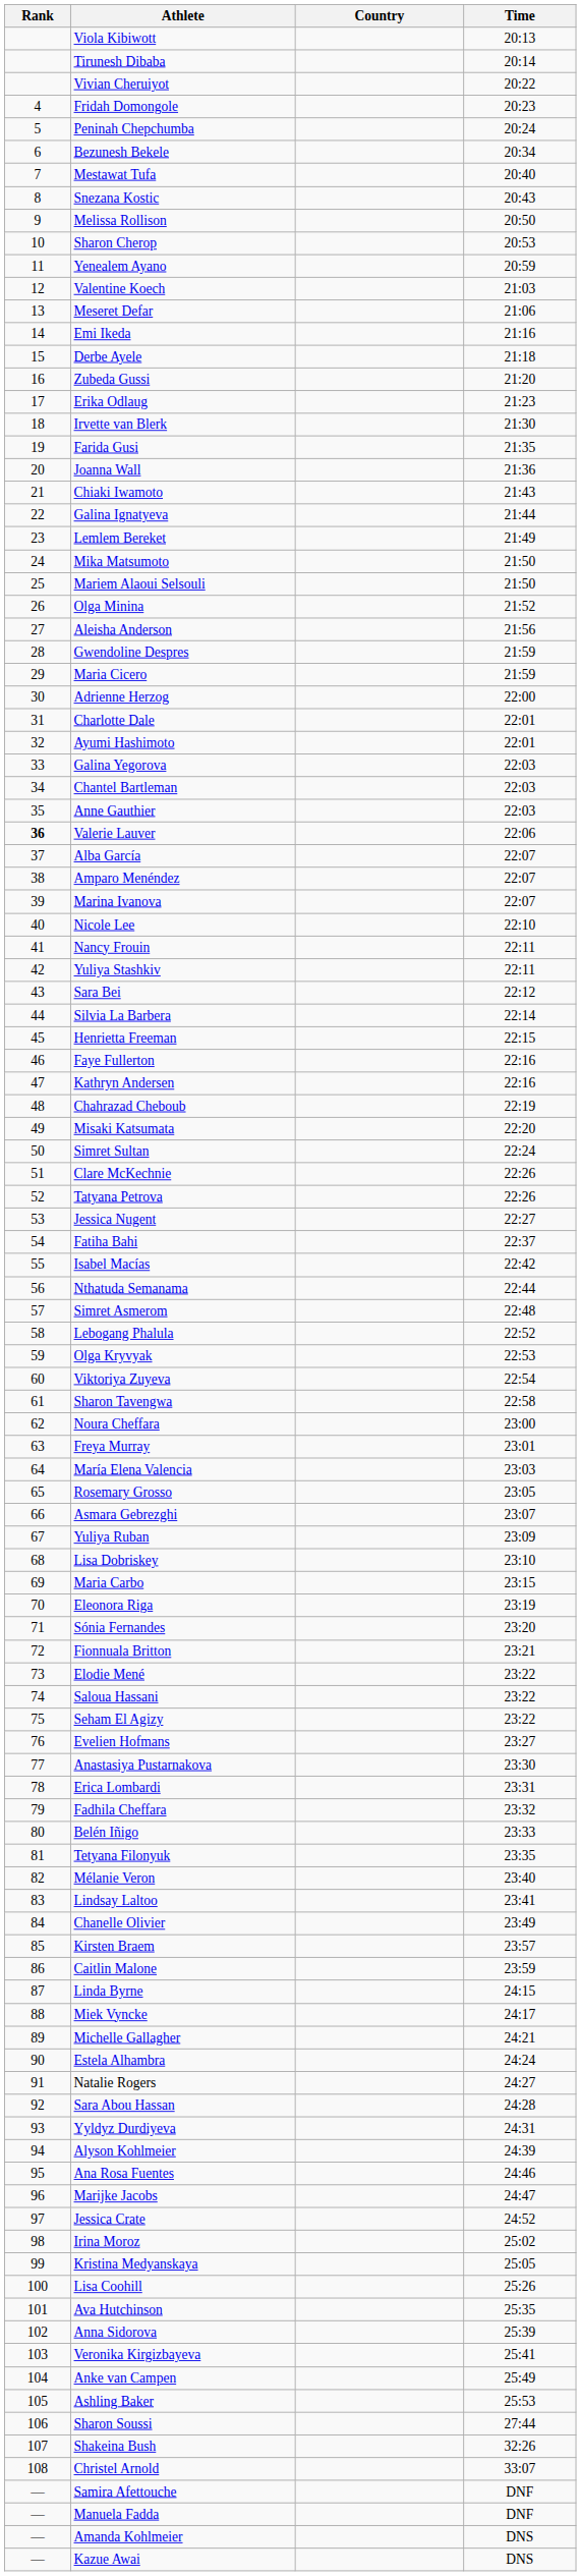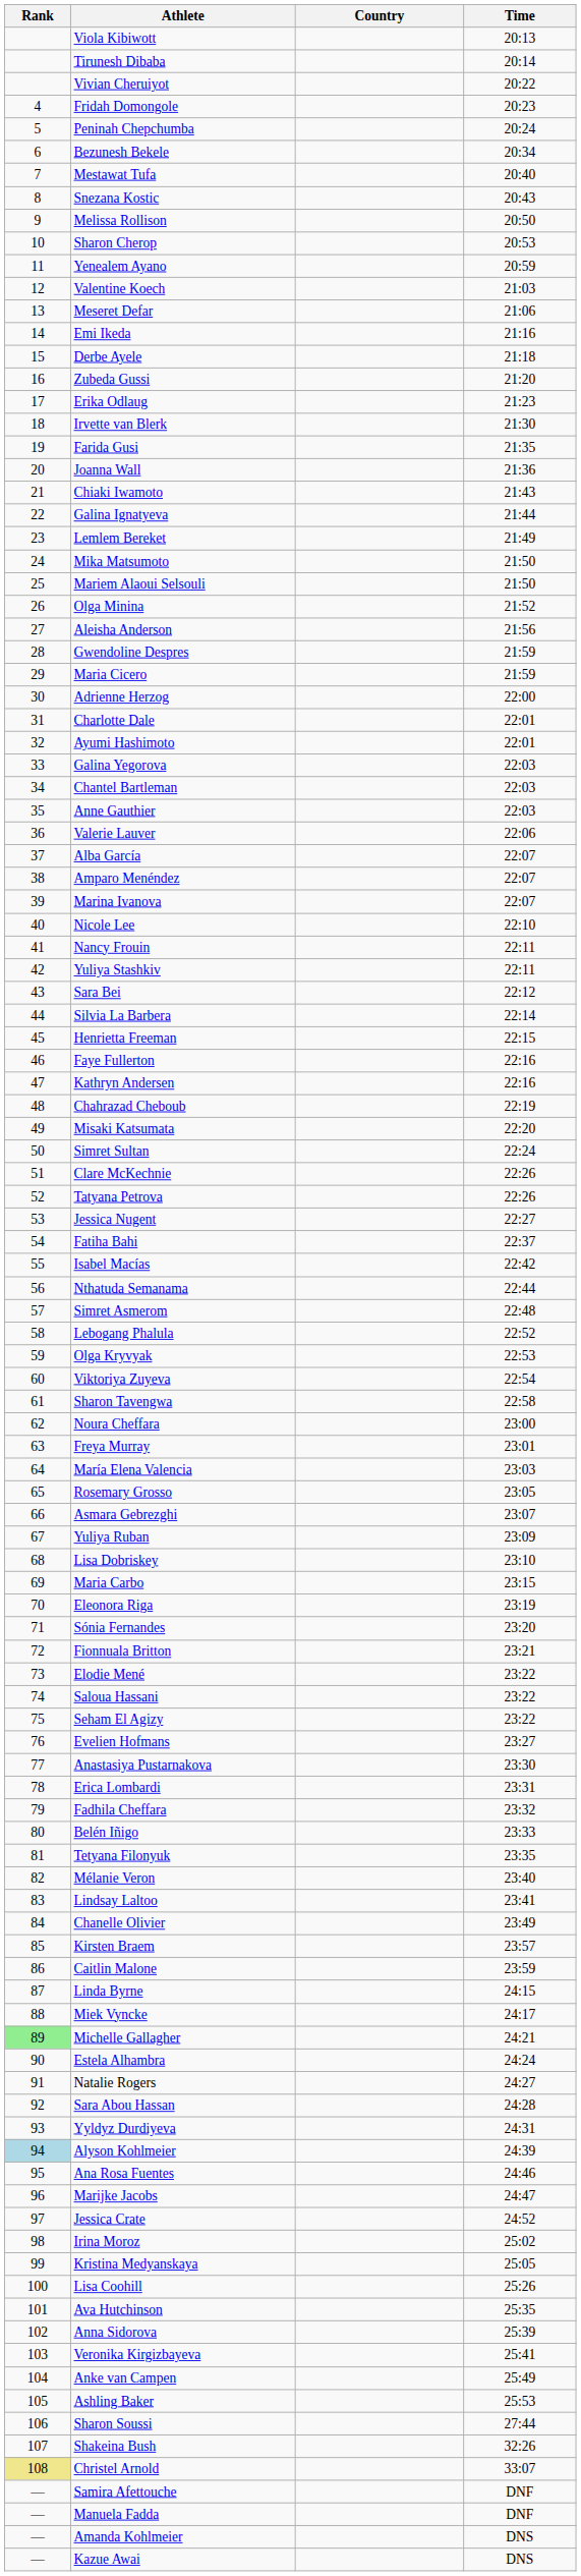 <table class="wikitable sortable" style=" text-align:center; font-size:95%;" width="50%">
 <tr>
 <th width=5%>Rank</th>
 <th width=20%>Athlete</th>
 <th width=15%>Country</th>
 <th width=10%>Time</th>
 </tr>
 <tr>
 <td align=center></td>
 <td align=left><a href='#'>Viola Kibiwott</a></td>
 <td align=left></td>
 <td>20:13</td>
 </tr>
 <tr>
 <td align=center></td>
 <td align=left><a href='#'>Tirunesh Dibaba</a></td>
 <td align=left></td>
 <td>20:14</td>
 </tr>
 <tr>
 <td align=center></td>
 <td align=left><a href='#'>Vivian Cheruiyot</a></td>
 <td align=left></td>
 <td>20:22</td>
 </tr>
 <tr>
 <td align=center>4</td>
 <td align=left><a href='#'>Fridah Domongole</a></td>
 <td align=left></td>
 <td>20:23</td>
 </tr>
 <tr>
 <td align=center>5</td>
 <td align=left><a href='#'>Peninah Chepchumba</a></td>
 <td align=left></td>
 <td>20:24</td>
 </tr>
 <tr>
 <td align=center>6</td>
 <td align=left><a href='#'>Bezunesh Bekele</a></td>
 <td align=left></td>
 <td>20:34</td>
 </tr>
 <tr>
 <td align=center>7</td>
 <td align=left><a href='#'>Mestawat Tufa</a></td>
 <td align=left></td>
 <td>20:40</td>
 </tr>
 <tr>
 <td align=center>8</td>
 <td align=left><a href='#'>Snezana Kostic</a></td>
 <td align=left></td>
 <td>20:43</td>
 </tr>
 <tr>
 <td align=center>9</td>
 <td align=left><a href='#'>Melissa Rollison</a></td>
 <td align=left></td>
 <td>20:50</td>
 </tr>
 <tr>
 <td align=center>10</td>
 <td align=left><a href='#'>Sharon Cherop</a></td>
 <td align=left></td>
 <td>20:53</td>
 </tr>
 <tr>
 <td align=center>11</td>
 <td align=left><a href='#'>Yenealem Ayano</a></td>
 <td align=left></td>
 <td>20:59</td>
 </tr>
 <tr>
 <td align=center>12</td>
 <td align=left><a href='#'>Valentine Koech</a></td>
 <td align=left></td>
 <td>21:03</td>
 </tr>
 <tr>
 <td align=center>13</td>
 <td align=left><a href='#'>Meseret Defar</a></td>
 <td align=left></td>
 <td>21:06</td>
 </tr>
 <tr>
 <td align=center>14</td>
 <td align=left><a href='#'>Emi Ikeda</a></td>
 <td align=left></td>
 <td>21:16</td>
 </tr>
 <tr>
 <td align=center>15</td>
 <td align=left><a href='#'>Derbe Ayele</a></td>
 <td align=left></td>
 <td>21:18</td>
 </tr>
 <tr>
 <td align=center>16</td>
 <td align=left><a href='#'>Zubeda Gussi</a></td>
 <td align=left></td>
 <td>21:20</td>
 </tr>
 <tr>
 <td align=center>17</td>
 <td align=left><a href='#'>Erika Odlaug</a></td>
 <td align=left></td>
 <td>21:23</td>
 </tr>
 <tr>
 <td align=center>18</td>
 <td align=left><a href='#'>Irvette van Blerk</a></td>
 <td align=left></td>
 <td>21:30</td>
 </tr>
 <tr>
 <td align=center>19</td>
 <td align=left><a href='#'>Farida Gusi</a></td>
 <td align=left></td>
 <td>21:35</td>
 </tr>
 <tr>
 <td align=center>20</td>
 <td align=left><a href='#'>Joanna Wall</a></td>
 <td align=left></td>
 <td>21:36</td>
 </tr>
 <tr>
 <td align=center>21</td>
 <td align=left><a href='#'>Chiaki Iwamoto</a></td>
 <td align=left></td>
 <td>21:43</td>
 </tr>
 <tr>
 <td align=center>22</td>
 <td align=left><a href='#'>Galina Ignatyeva</a></td>
 <td align=left></td>
 <td>21:44</td>
 </tr>
 <tr>
 <td align=center>23</td>
 <td align=left><a href='#'>Lemlem Bereket</a></td>
 <td align=left></td>
 <td>21:49</td>
 </tr>
 <tr>
 <td align=center>24</td>
 <td align=left><a href='#'>Mika Matsumoto</a></td>
 <td align=left></td>
 <td>21:50</td>
 </tr>
 <tr>
 <td align=center>25</td>
 <td align=left><a href='#'>Mariem Alaoui Selsouli</a></td>
 <td align=left></td>
 <td>21:50</td>
 </tr>
 <tr>
 <td align=center>26</td>
 <td align=left><a href='#'>Olga Minina</a></td>
 <td align=left></td>
 <td>21:52</td>
 </tr>
 <tr>
 <td align=center>27</td>
 <td align=left><a href='#'>Aleisha Anderson</a></td>
 <td align=left></td>
 <td>21:56</td>
 </tr>
 <tr>
 <td align=center>28</td>
 <td align=left><a href='#'>Gwendoline Despres</a></td>
 <td align=left></td>
 <td>21:59</td>
 </tr>
 <tr>
 <td align=center>29</td>
 <td align=left><a href='#'>Maria Cicero</a></td>
 <td align=left></td>
 <td>21:59</td>
 </tr>
 <tr>
 <td align=center>30</td>
 <td align=left><a href='#'>Adrienne Herzog</a></td>
 <td align=left></td>
 <td>22:00</td>
 </tr>
 <tr>
 <td align=center>31</td>
 <td align=left><a href='#'>Charlotte Dale</a></td>
 <td align=left></td>
 <td>22:01</td>
 </tr>
 <tr>
 <td align=center>32</td>
 <td align=left><a href='#'>Ayumi Hashimoto</a></td>
 <td align=left></td>
 <td>22:01</td>
 </tr>
 <tr>
 <td align=center>33</td>
 <td align=left><a href='#'>Galina Yegorova</a></td>
 <td align=left></td>
 <td>22:03</td>
 </tr>
 <tr>
 <td align=center>34</td>
 <td align=left><a href='#'>Chantel Bartleman</a></td>
 <td align=left></td>
 <td>22:03</td>
 </tr>
 <tr>
 <td align=center>35</td>
 <td align=left><a href='#'>Anne Gauthier</a></td>
 <td align=left></td>
 <td>22:03</td>
 </tr>
 <tr>
-<td align=center><strong>36</strong></td>
+<td align=center>36</td>
 <td align=left><a href='#'>Valerie Lauver</a></td>
 <td align=left></td>
 <td>22:06</td>
 </tr>
 <tr>
 <td align=center>37</td>
 <td align=left><a href='#'>Alba García</a></td>
 <td align=left></td>
 <td>22:07</td>
 </tr>
 <tr>
 <td align=center>38</td>
 <td align=left><a href='#'>Amparo Menéndez</a></td>
 <td align=left></td>
 <td>22:07</td>
 </tr>
 <tr>
 <td align=center>39</td>
 <td align=left><a href='#'>Marina Ivanova</a></td>
 <td align=left></td>
 <td>22:07</td>
 </tr>
 <tr>
 <td align=center>40</td>
 <td align=left><a href='#'>Nicole Lee</a></td>
 <td align=left></td>
 <td>22:10</td>
 </tr>
 <tr>
 <td align=center>41</td>
 <td align=left><a href='#'>Nancy Frouin</a></td>
 <td align=left></td>
 <td>22:11</td>
 </tr>
 <tr>
 <td align=center>42</td>
 <td align=left><a href='#'>Yuliya Stashkiv</a></td>
 <td align=left></td>
 <td>22:11</td>
 </tr>
 <tr>
 <td align=center>43</td>
 <td align=left><a href='#'>Sara Bei</a></td>
 <td align=left></td>
 <td>22:12</td>
 </tr>
 <tr>
 <td align=center>44</td>
 <td align=left><a href='#'>Silvia La Barbera</a></td>
 <td align=left></td>
 <td>22:14</td>
 </tr>
 <tr>
 <td align=center>45</td>
 <td align=left><a href='#'>Henrietta Freeman</a></td>
 <td align=left></td>
 <td>22:15</td>
 </tr>
 <tr>
 <td align=center>46</td>
 <td align=left><a href='#'>Faye Fullerton</a></td>
 <td align=left></td>
 <td>22:16</td>
 </tr>
 <tr>
 <td align=center>47</td>
 <td align=left><a href='#'>Kathryn Andersen</a></td>
 <td align=left></td>
 <td>22:16</td>
 </tr>
 <tr>
 <td align=center>48</td>
 <td align=left><a href='#'>Chahrazad Cheboub</a></td>
 <td align=left></td>
 <td>22:19</td>
 </tr>
 <tr>
 <td align=center>49</td>
 <td align=left><a href='#'>Misaki Katsumata</a></td>
 <td align=left></td>
 <td>22:20</td>
 </tr>
 <tr>
 <td align=center>50</td>
 <td align=left><a href='#'>Simret Sultan</a></td>
 <td align=left></td>
 <td>22:24</td>
 </tr>
 <tr>
 <td align=center>51</td>
 <td align=left><a href='#'>Clare McKechnie</a></td>
 <td align=left></td>
 <td>22:26</td>
 </tr>
 <tr>
 <td align=center>52</td>
 <td align=left><a href='#'>Tatyana Petrova</a></td>
 <td align=left></td>
 <td>22:26</td>
 </tr>
 <tr>
 <td align=center>53</td>
 <td align=left><a href='#'>Jessica Nugent</a></td>
 <td align=left></td>
 <td>22:27</td>
 </tr>
 <tr>
 <td align=center>54</td>
 <td align=left><a href='#'>Fatiha Bahi</a></td>
 <td align=left></td>
 <td>22:37</td>
 </tr>
 <tr>
 <td align=center>55</td>
 <td align=left><a href='#'>Isabel Macías</a></td>
 <td align=left></td>
 <td>22:42</td>
 </tr>
 <tr>
 <td align=center>56</td>
 <td align=left><a href='#'>Nthatuda Semanama</a></td>
 <td align=left></td>
 <td>22:44</td>
 </tr>
 <tr>
 <td align=center>57</td>
 <td align=left><a href='#'>Simret Asmerom</a></td>
 <td align=left></td>
 <td>22:48</td>
 </tr>
 <tr>
 <td align=center>58</td>
 <td align=left><a href='#'>Lebogang Phalula</a></td>
 <td align=left></td>
 <td>22:52</td>
 </tr>
 <tr>
 <td align=center>59</td>
 <td align=left><a href='#'>Olga Kryvyak</a></td>
 <td align=left></td>
 <td>22:53</td>
 </tr>
 <tr>
 <td align=center>60</td>
 <td align=left><a href='#'>Viktoriya Zuyeva</a></td>
 <td align=left></td>
 <td>22:54</td>
 </tr>
 <tr>
 <td align=center>61</td>
 <td align=left><a href='#'>Sharon Tavengwa</a></td>
 <td align=left></td>
 <td>22:58</td>
 </tr>
 <tr>
 <td align=center>62</td>
 <td align=left><a href='#'>Noura Cheffara</a></td>
 <td align=left></td>
 <td>23:00</td>
 </tr>
 <tr>
 <td align=center>63</td>
 <td align=left><a href='#'>Freya Murray</a></td>
 <td align=left></td>
 <td>23:01</td>
 </tr>
 <tr>
 <td align=center>64</td>
 <td align=left><a href='#'>María Elena Valencia</a></td>
 <td align=left></td>
 <td>23:03</td>
 </tr>
 <tr>
 <td align=center>65</td>
 <td align=left><a href='#'>Rosemary Grosso</a></td>
 <td align=left></td>
 <td>23:05</td>
 </tr>
 <tr>
 <td align=center>66</td>
 <td align=left><a href='#'>Asmara Gebrezghi</a></td>
 <td align=left></td>
 <td>23:07</td>
 </tr>
 <tr>
 <td align=center>67</td>
 <td align=left><a href='#'>Yuliya Ruban</a></td>
 <td align=left></td>
 <td>23:09</td>
 </tr>
 <tr>
 <td align=center>68</td>
 <td align=left><a href='#'>Lisa Dobriskey</a></td>
 <td align=left></td>
 <td>23:10</td>
 </tr>
 <tr>
 <td align=center>69</td>
 <td align=left><a href='#'>Maria Carbo</a></td>
 <td align=left></td>
 <td>23:15</td>
 </tr>
 <tr>
 <td align=center>70</td>
 <td align=left><a href='#'>Eleonora Riga</a></td>
 <td align=left></td>
 <td>23:19</td>
 </tr>
 <tr>
 <td align=center>71</td>
 <td align=left><a href='#'>Sónia Fernandes</a></td>
 <td align=left></td>
 <td>23:20</td>
 </tr>
 <tr>
 <td align=center>72</td>
 <td align=left><a href='#'>Fionnuala Britton</a></td>
 <td align=left></td>
 <td>23:21</td>
 </tr>
 <tr>
 <td align=center>73</td>
 <td align=left><a href='#'>Elodie Mené</a></td>
 <td align=left></td>
 <td>23:22</td>
 </tr>
 <tr>
 <td align=center>74</td>
 <td align=left><a href='#'>Saloua Hassani</a></td>
 <td align=left></td>
 <td>23:22</td>
 </tr>
 <tr>
 <td align=center>75</td>
 <td align=left><a href='#'>Seham El Agizy</a></td>
 <td align=left></td>
 <td>23:22</td>
 </tr>
 <tr>
 <td align=center>76</td>
 <td align=left><a href='#'>Evelien Hofmans</a></td>
 <td align=left></td>
 <td>23:27</td>
 </tr>
 <tr>
 <td align=center>77</td>
 <td align=left><a href='#'>Anastasiya Pustarnakova</a></td>
 <td align=left></td>
 <td>23:30</td>
 </tr>
 <tr>
 <td align=center>78</td>
 <td align=left><a href='#'>Erica Lombardi</a></td>
 <td align=left></td>
 <td>23:31</td>
 </tr>
 <tr>
 <td align=center>79</td>
 <td align=left><a href='#'>Fadhila Cheffara</a></td>
 <td align=left></td>
 <td>23:32</td>
 </tr>
 <tr>
 <td align=center>80</td>
 <td align=left><a href='#'>Belén Iñigo</a></td>
 <td align=left></td>
 <td>23:33</td>
 </tr>
 <tr>
 <td align=center>81</td>
 <td align=left><a href='#'>Tetyana Filonyuk</a></td>
 <td align=left></td>
 <td>23:35</td>
 </tr>
 <tr>
 <td align=center>82</td>
 <td align=left><a href='#'>Mélanie Veron</a></td>
 <td align=left></td>
 <td>23:40</td>
 </tr>
 <tr>
 <td align=center>83</td>
 <td align=left><a href='#'>Lindsay Laltoo</a></td>
 <td align=left></td>
 <td>23:41</td>
 </tr>
 <tr>
 <td align=center>84</td>
 <td align=left><a href='#'>Chanelle Olivier</a></td>
 <td align=left></td>
 <td>23:49</td>
 </tr>
 <tr>
 <td align=center>85</td>
 <td align=left><a href='#'>Kirsten Braem</a></td>
 <td align=left></td>
 <td>23:57</td>
 </tr>
 <tr>
 <td align=center>86</td>
 <td align=left><a href='#'>Caitlin Malone</a></td>
 <td align=left></td>
 <td>23:59</td>
 </tr>
 <tr>
 <td align=center>87</td>
 <td align=left><a href='#'>Linda Byrne</a></td>
 <td align=left></td>
 <td>24:15</td>
 </tr>
 <tr>
 <td align=center>88</td>
 <td align=left><a href='#'>Miek Vyncke</a></td>
 <td align=left></td>
 <td>24:17</td>
 </tr>
 <tr>
-<td align=center>89</td>
+<td align=center style="background: lightgreen;">89</td>
 <td align=left><a href='#'>Michelle Gallagher</a></td>
 <td align=left></td>
 <td>24:21</td>
 </tr>
 <tr>
 <td align=center>90</td>
 <td align=left><a href='#'>Estela Alhambra</a></td>
 <td align=left></td>
 <td>24:24</td>
 </tr>
 <tr>
 <td align=center>91</td>
 <td align=left>Natalie Rogers</td>
 <td align=left></td>
 <td>24:27</td>
 </tr>
 <tr>
 <td align=center>92</td>
 <td align=left><a href='#'>Sara Abou Hassan</a></td>
 <td align=left></td>
 <td>24:28</td>
 </tr>
 <tr>
 <td align=center>93</td>
 <td align=left><a href='#'>Yyldyz Durdiyeva</a></td>
 <td align=left></td>
 <td>24:31</td>
 </tr>
 <tr>
-<td align=center>94</td>
+<td align=center style="background: lightblue;">94</td>
 <td align=left><a href='#'>Alyson Kohlmeier</a></td>
 <td align=left></td>
 <td>24:39</td>
 </tr>
 <tr>
 <td align=center>95</td>
 <td align=left><a href='#'>Ana Rosa Fuentes</a></td>
 <td align=left></td>
 <td>24:46</td>
 </tr>
 <tr>
 <td align=center>96</td>
 <td align=left><a href='#'>Marijke Jacobs</a></td>
 <td align=left></td>
 <td>24:47</td>
 </tr>
 <tr>
 <td align=center>97</td>
 <td align=left><a href='#'>Jessica Crate</a></td>
 <td align=left></td>
 <td>24:52</td>
 </tr>
 <tr>
 <td align=center>98</td>
 <td align=left><a href='#'>Irina Moroz</a></td>
 <td align=left></td>
 <td>25:02</td>
 </tr>
 <tr>
 <td align=center>99</td>
 <td align=left><a href='#'>Kristina Medyanskaya</a></td>
 <td align=left></td>
 <td>25:05</td>
 </tr>
 <tr>
 <td align=center>100</td>
 <td align=left><a href='#'>Lisa Coohill</a></td>
 <td align=left></td>
 <td>25:26</td>
 </tr>
 <tr>
 <td align=center>101</td>
 <td align=left><a href='#'>Ava Hutchinson</a></td>
 <td align=left></td>
 <td>25:35</td>
 </tr>
 <tr>
 <td align=center>102</td>
 <td align=left><a href='#'>Anna Sidorova</a></td>
 <td align=left></td>
 <td>25:39</td>
 </tr>
 <tr>
 <td align=center>103</td>
 <td align=left><a href='#'>Veronika Kirgizbayeva</a></td>
 <td align=left></td>
 <td>25:41</td>
 </tr>
 <tr>
 <td align=center>104</td>
 <td align=left><a href='#'>Anke van Campen</a></td>
 <td align=left></td>
 <td>25:49</td>
 </tr>
 <tr>
 <td align=center>105</td>
 <td align=left><a href='#'>Ashling Baker</a></td>
 <td align=left></td>
 <td>25:53</td>
 </tr>
 <tr>
 <td align=center>106</td>
 <td align=left><a href='#'>Sharon Soussi</a></td>
 <td align=left></td>
 <td>27:44</td>
 </tr>
 <tr>
 <td align=center>107</td>
 <td align=left><a href='#'>Shakeina Bush</a></td>
 <td align=left></td>
 <td>32:26</td>
 </tr>
 <tr>
-<td align=center>108</td>
+<td align=center style="background: khaki;">108</td>
 <td align=left><a href='#'>Christel Arnold</a></td>
 <td align=left></td>
 <td>33:07</td>
 </tr>
 <tr>
 <td align=center>—</td>
 <td align=left><a href='#'>Samira Afettouche</a></td>
 <td align=left></td>
 <td>DNF</td>
 </tr>
 <tr>
 <td align=center>—</td>
 <td align=left><a href='#'>Manuela Fadda</a></td>
 <td align=left></td>
 <td>DNF</td>
 </tr>
 <tr>
 <td align=center>—</td>
 <td align=left><a href='#'>Amanda Kohlmeier</a></td>
 <td align=left></td>
 <td>DNS</td>
 </tr>
 <tr>
 <td align=center>—</td>
 <td align=left><a href='#'>Kazue Awai</a></td>
 <td align=left></td>
 <td>DNS</td>
 </tr>
 </table>
